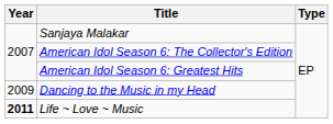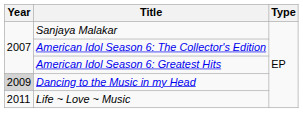 <table class="wikitable">
 <tr>
 <th>Year</th>
 <th>Title</th>
 <th>Type</th>
 </tr>
 <tr>
 <td rowspan="3">2007</td>
 <td><em>Sanjaya Malakar</em></td>
 <td rowspan="5">EP</td>
 </tr>
 <tr>
 <td><em><a href='#'>American Idol Season 6: The Collector's Edition</a></em></td>
 </tr>
 <tr>
 <td><em><a href='#'>American Idol Season 6: Greatest Hits</a></em></td>
 </tr>
 <tr>
-<td>2009</td>
+<td style="background: lightgrey;">2009</td>
 <td><em><a href='#'>Dancing to the Music in my Head</a></em></td>
 </tr>
 <tr>
-<td><strong>2011</strong></td>
+<td>2011</td>
 <td><em>Life ~ Love ~ Music</em></td>
 </tr>
 </table>
